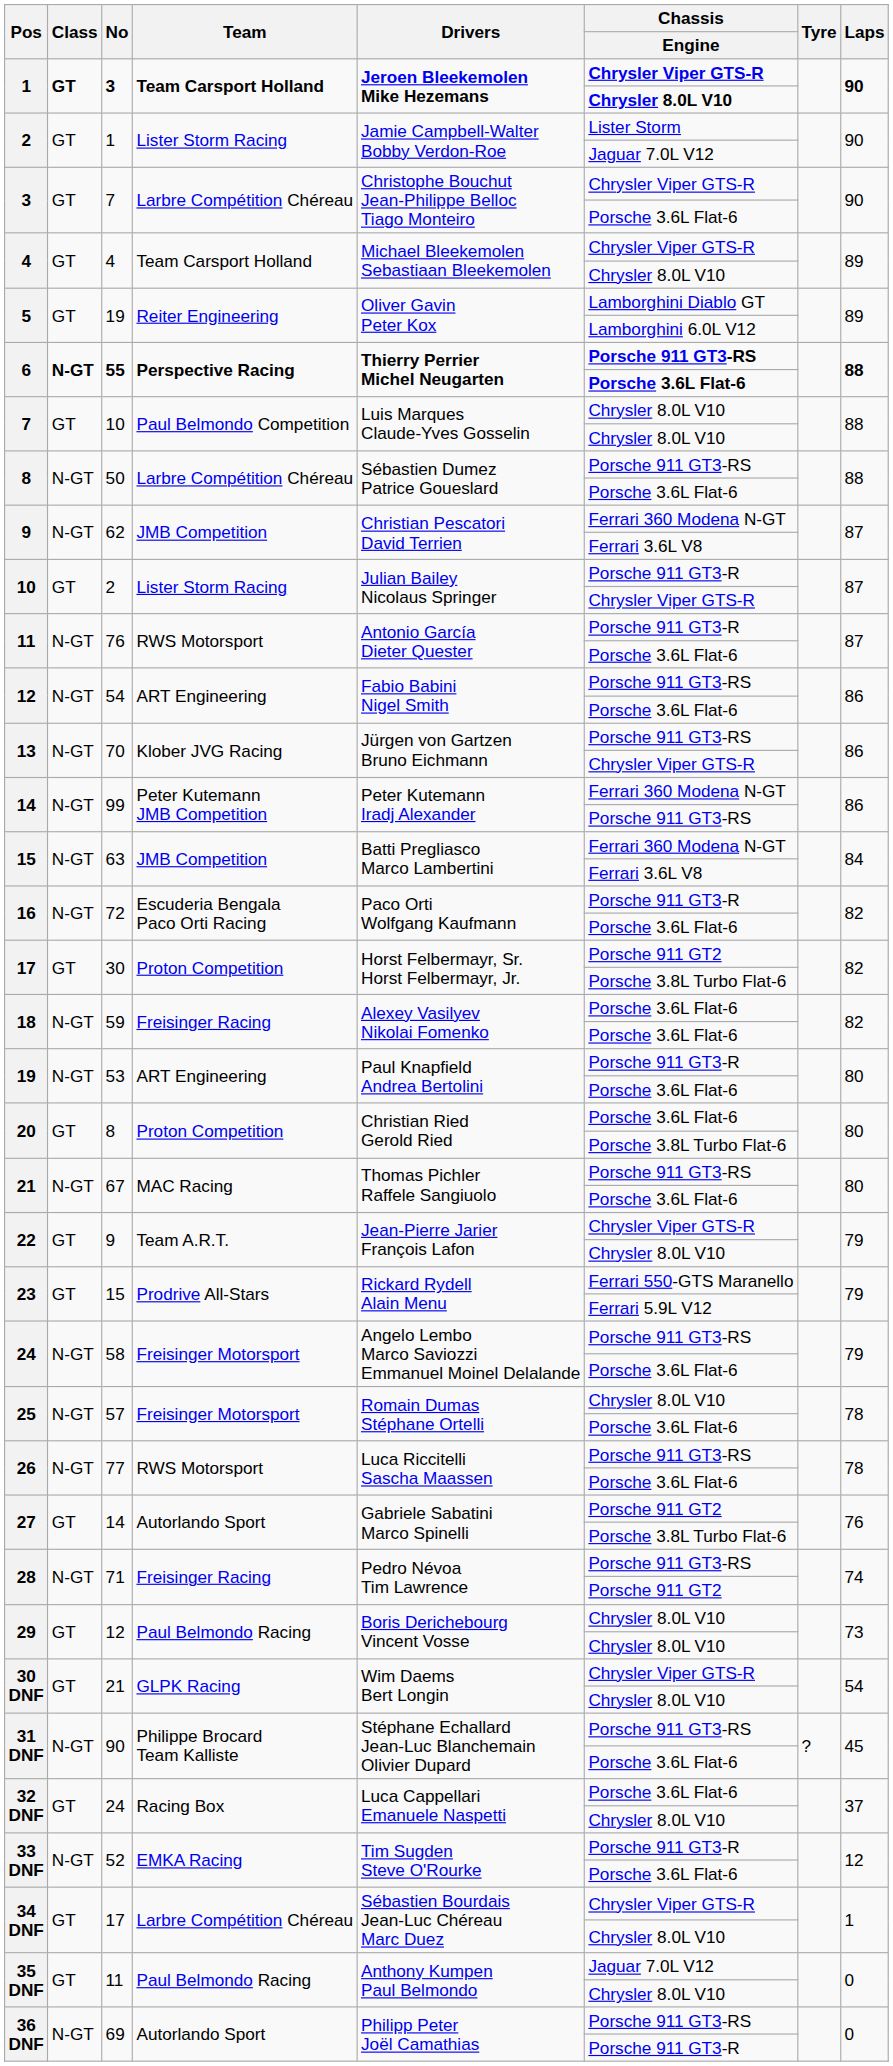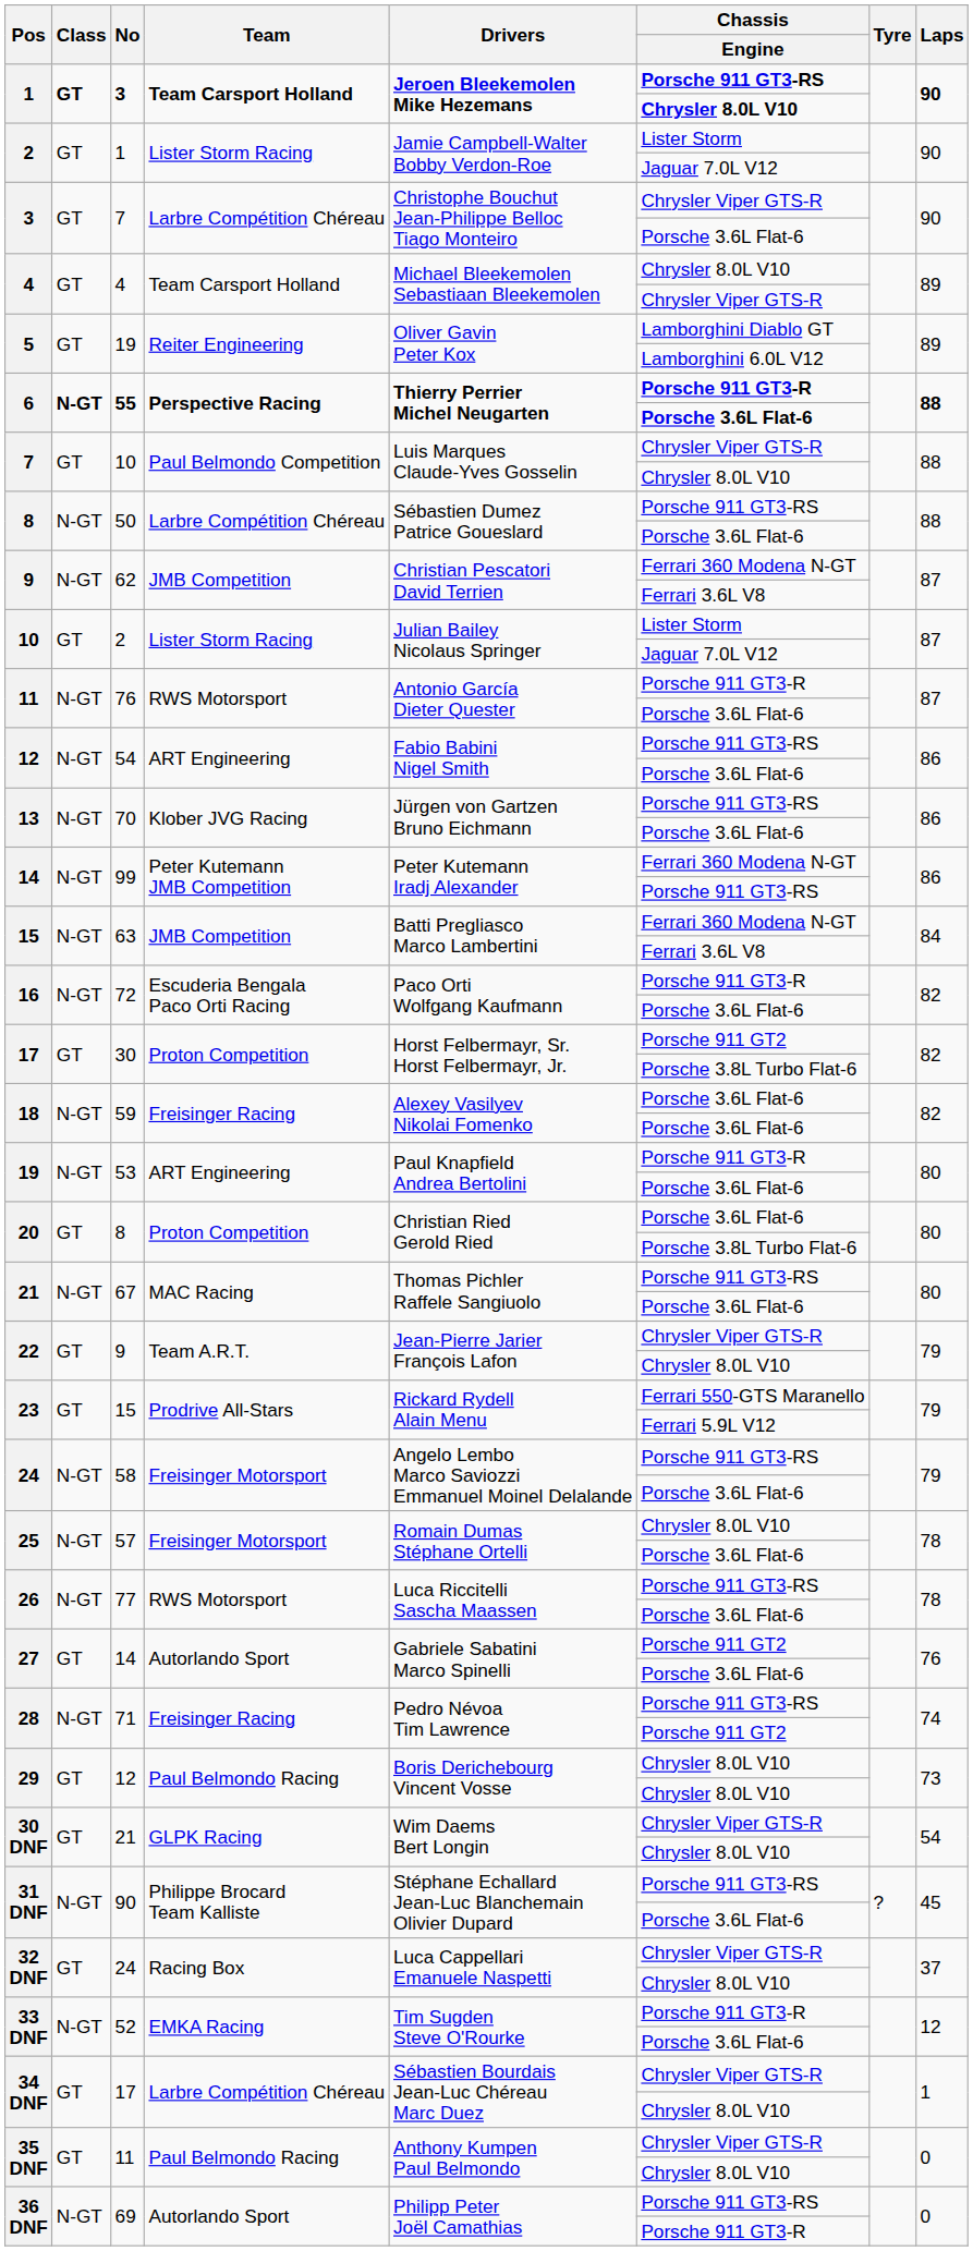 <table class="wikitable" style="font-size: 95%;">
 <tr>
 <th rowspan=2>Pos</th>
 <th rowspan=2>Class</th>
 <th rowspan=2>No</th>
 <th rowspan=2>Team</th>
 <th rowspan=2>Drivers</th>
 <th>Chassis</th>
 <th rowspan=2>Tyre</th>
 <th rowspan=2>Laps</th>
 </tr>
 <tr>
 <th>Engine</th>
 </tr>
 <tr style="font-weight:bold">
 <th rowspan=2>1</th>
 <td rowspan=2>GT</td>
 <td rowspan=2>3</td>
 <td rowspan=2> Team Carsport Holland</td>
 <td rowspan=2> <a href='#'>Jeroen Bleekemolen</a><br> Mike Hezemans</td>
-<td><a href='#'>Chrysler Viper GTS-R</a></td>
+<td><a href='#'>Porsche 911 GT3</a>-RS</td>
 <td rowspan=2></td>
 <td rowspan=2>90</td>
 </tr>
 <tr style="font-weight:bold">
 <td><a href='#'>Chrysler</a> 8.0L V10</td>
 </tr>
 <tr>
 <th rowspan=2>2</th>
 <td rowspan=2>GT</td>
 <td rowspan=2>1</td>
 <td rowspan=2> <a href='#'>Lister Storm Racing</a></td>
 <td rowspan=2> <a href='#'>Jamie Campbell-Walter</a><br> <a href='#'>Bobby Verdon-Roe</a></td>
 <td><a href='#'>Lister Storm</a></td>
 <td rowspan=2></td>
 <td rowspan=2>90</td>
 </tr>
 <tr>
 <td><a href='#'>Jaguar</a> 7.0L V12</td>
 </tr>
 <tr>
 <th rowspan=2>3</th>
 <td rowspan=2>GT</td>
 <td rowspan=2>7</td>
 <td rowspan=2> <a href='#'>Larbre Compétition</a> Chéreau</td>
 <td rowspan=2> <a href='#'>Christophe Bouchut</a><br> <a href='#'>Jean-Philippe Belloc</a><br> <a href='#'>Tiago Monteiro</a></td>
 <td><a href='#'>Chrysler Viper GTS-R</a></td>
 <td rowspan=2></td>
 <td rowspan=2>90</td>
 </tr>
 <tr>
 <td><a href='#'>Porsche</a> 3.6L Flat-6</td>
 </tr>
 <tr>
 <th rowspan=2>4</th>
 <td rowspan=2>GT</td>
 <td rowspan=2>4</td>
 <td rowspan=2> Team Carsport Holland</td>
 <td rowspan=2> <a href='#'>Michael Bleekemolen</a><br> <a href='#'>Sebastiaan Bleekemolen</a></td>
-<td><a href='#'>Chrysler Viper GTS-R</a></td>
+<td><a href='#'>Chrysler</a> 8.0L V10</td>
 <td rowspan=2></td>
 <td rowspan=2>89</td>
 </tr>
 <tr>
-<td><a href='#'>Chrysler</a> 8.0L V10</td>
+<td><a href='#'>Chrysler Viper GTS-R</a></td>
 </tr>
 <tr>
 <th rowspan=2>5</th>
 <td rowspan=2>GT</td>
 <td rowspan=2>19</td>
 <td rowspan=2> <a href='#'>Reiter Engineering</a></td>
 <td rowspan=2> <a href='#'>Oliver Gavin</a><br> <a href='#'>Peter Kox</a></td>
 <td><a href='#'>Lamborghini Diablo</a> GT</td>
 <td rowspan=2></td>
 <td rowspan=2>89</td>
 </tr>
 <tr>
 <td><a href='#'>Lamborghini</a> 6.0L V12</td>
 </tr>
 <tr style="font-weight:bold">
 <th rowspan=2>6</th>
 <td rowspan=2>N-GT</td>
 <td rowspan=2>55</td>
 <td rowspan=2> Perspective Racing</td>
 <td rowspan=2> Thierry Perrier<br> Michel Neugarten</td>
-<td><a href='#'>Porsche 911 GT3</a>-RS</td>
+<td><a href='#'>Porsche 911 GT3</a>-R</td>
 <td rowspan=2></td>
 <td rowspan=2>88</td>
 </tr>
 <tr style="font-weight:bold">
 <td><a href='#'>Porsche</a> 3.6L Flat-6</td>
 </tr>
 <tr>
 <th rowspan=2>7</th>
 <td rowspan=2>GT</td>
 <td rowspan=2>10</td>
 <td rowspan=2> <a href='#'>Paul Belmondo</a> Competition</td>
 <td rowspan=2> Luis Marques<br> Claude-Yves Gosselin</td>
-<td><a href='#'>Chrysler</a> 8.0L V10</td>
+<td><a href='#'>Chrysler Viper GTS-R</a></td>
 <td rowspan=2></td>
 <td rowspan=2>88</td>
 </tr>
 <tr>
 <td><a href='#'>Chrysler</a> 8.0L V10</td>
 </tr>
 <tr>
 <th rowspan=2>8</th>
 <td rowspan=2>N-GT</td>
 <td rowspan=2>50</td>
 <td rowspan=2> <a href='#'>Larbre Compétition</a> Chéreau</td>
 <td rowspan=2> Sébastien Dumez<br> Patrice Goueslard</td>
 <td><a href='#'>Porsche 911 GT3</a>-RS</td>
 <td rowspan=2></td>
 <td rowspan=2>88</td>
 </tr>
 <tr>
 <td><a href='#'>Porsche</a> 3.6L Flat-6</td>
 </tr>
 <tr>
 <th rowspan=2>9</th>
 <td rowspan=2>N-GT</td>
 <td rowspan=2>62</td>
 <td rowspan=2> <a href='#'>JMB Competition</a></td>
 <td rowspan=2> <a href='#'>Christian Pescatori</a><br> <a href='#'>David Terrien</a></td>
 <td><a href='#'>Ferrari 360 Modena</a> N-GT</td>
 <td rowspan=2></td>
 <td rowspan=2>87</td>
 </tr>
 <tr>
 <td><a href='#'>Ferrari</a> 3.6L V8</td>
 </tr>
 <tr>
 <th rowspan=2>10</th>
 <td rowspan=2>GT</td>
 <td rowspan=2>2</td>
 <td rowspan=2> <a href='#'>Lister Storm Racing</a></td>
 <td rowspan=2> <a href='#'>Julian Bailey</a><br> Nicolaus Springer</td>
-<td><a href='#'>Porsche 911 GT3</a>-R</td>
+<td><a href='#'>Lister Storm</a></td>
 <td rowspan=2></td>
 <td rowspan=2>87</td>
 </tr>
 <tr>
-<td><a href='#'>Chrysler Viper GTS-R</a></td>
+<td><a href='#'>Jaguar</a> 7.0L V12</td>
 </tr>
 <tr>
 <th rowspan=2>11</th>
 <td rowspan=2>N-GT</td>
 <td rowspan=2>76</td>
 <td rowspan=2> RWS Motorsport</td>
 <td rowspan=2> <a href='#'>Antonio García</a><br> <a href='#'>Dieter Quester</a></td>
 <td><a href='#'>Porsche 911 GT3</a>-R</td>
 <td rowspan=2></td>
 <td rowspan=2>87</td>
 </tr>
 <tr>
 <td><a href='#'>Porsche</a> 3.6L Flat-6</td>
 </tr>
 <tr>
 <th rowspan=2>12</th>
 <td rowspan=2>N-GT</td>
 <td rowspan=2>54</td>
 <td rowspan=2> ART Engineering</td>
 <td rowspan=2> <a href='#'>Fabio Babini</a><br> <a href='#'>Nigel Smith</a></td>
 <td><a href='#'>Porsche 911 GT3</a>-RS</td>
 <td rowspan=2></td>
 <td rowspan=2>86</td>
 </tr>
 <tr>
 <td><a href='#'>Porsche</a> 3.6L Flat-6</td>
 </tr>
 <tr>
 <th rowspan=2>13</th>
 <td rowspan=2>N-GT</td>
 <td rowspan=2>70</td>
 <td rowspan=2> Klober JVG Racing</td>
 <td rowspan=2> Jürgen von Gartzen<br> Bruno Eichmann</td>
 <td><a href='#'>Porsche 911 GT3</a>-RS</td>
 <td rowspan=2></td>
 <td rowspan=2>86</td>
 </tr>
 <tr>
-<td><a href='#'>Chrysler Viper GTS-R</a></td>
+<td><a href='#'>Porsche</a> 3.6L Flat-6</td>
 </tr>
 <tr>
 <th rowspan=2>14</th>
 <td rowspan=2>N-GT</td>
 <td rowspan=2>99</td>
 <td rowspan=2> Peter Kutemann<br> <a href='#'>JMB Competition</a></td>
 <td rowspan=2> Peter Kutemann<br> <a href='#'>Iradj Alexander</a></td>
 <td><a href='#'>Ferrari 360 Modena</a> N-GT</td>
 <td rowspan=2></td>
 <td rowspan=2>86</td>
 </tr>
 <tr>
 <td><a href='#'>Porsche 911 GT3</a>-RS</td>
 </tr>
 <tr>
 <th rowspan=2>15</th>
 <td rowspan=2>N-GT</td>
 <td rowspan=2>63</td>
 <td rowspan=2> <a href='#'>JMB Competition</a></td>
 <td rowspan=2> Batti Pregliasco<br> Marco Lambertini</td>
 <td><a href='#'>Ferrari 360 Modena</a> N-GT</td>
 <td rowspan=2></td>
 <td rowspan=2>84</td>
 </tr>
 <tr>
 <td><a href='#'>Ferrari</a> 3.6L V8</td>
 </tr>
 <tr>
 <th rowspan=2>16</th>
 <td rowspan=2>N-GT</td>
 <td rowspan=2>72</td>
 <td rowspan=2> Escuderia Bengala<br> Paco Orti Racing</td>
 <td rowspan=2> Paco Orti<br> Wolfgang Kaufmann</td>
 <td><a href='#'>Porsche 911 GT3</a>-R</td>
 <td rowspan=2></td>
 <td rowspan=2>82</td>
 </tr>
 <tr>
 <td><a href='#'>Porsche</a> 3.6L Flat-6</td>
 </tr>
 <tr>
 <th rowspan=2>17</th>
 <td rowspan=2>GT</td>
 <td rowspan=2>30</td>
 <td rowspan=2> <a href='#'>Proton Competition</a></td>
 <td rowspan=2> Horst Felbermayr, Sr.<br> Horst Felbermayr, Jr.</td>
 <td><a href='#'>Porsche 911 GT2</a></td>
 <td rowspan=2></td>
 <td rowspan=2>82</td>
 </tr>
 <tr>
 <td><a href='#'>Porsche</a> 3.8L Turbo Flat-6</td>
 </tr>
 <tr>
 <th rowspan=2>18</th>
 <td rowspan=2>N-GT</td>
 <td rowspan=2>59</td>
 <td rowspan=2> <a href='#'>Freisinger Racing</a></td>
 <td rowspan=2> <a href='#'>Alexey Vasilyev</a><br> <a href='#'>Nikolai Fomenko</a></td>
 <td><a href='#'>Porsche</a> 3.6L Flat-6</td>
 <td rowspan=2></td>
 <td rowspan=2>82</td>
 </tr>
 <tr>
 <td><a href='#'>Porsche</a> 3.6L Flat-6</td>
 </tr>
 <tr>
 <th rowspan=2>19</th>
 <td rowspan=2>N-GT</td>
 <td rowspan=2>53</td>
 <td rowspan=2> ART Engineering</td>
 <td rowspan=2> Paul Knapfield<br> <a href='#'>Andrea Bertolini</a></td>
 <td><a href='#'>Porsche 911 GT3</a>-R</td>
 <td rowspan=2></td>
 <td rowspan=2>80</td>
 </tr>
 <tr>
 <td><a href='#'>Porsche</a> 3.6L Flat-6</td>
 </tr>
 <tr>
 <th rowspan=2>20</th>
 <td rowspan=2>GT</td>
 <td rowspan=2>8</td>
 <td rowspan=2> <a href='#'>Proton Competition</a></td>
 <td rowspan=2> Christian Ried<br> Gerold Ried</td>
 <td><a href='#'>Porsche</a> 3.6L Flat-6</td>
 <td rowspan=2></td>
 <td rowspan=2>80</td>
 </tr>
 <tr>
 <td><a href='#'>Porsche</a> 3.8L Turbo Flat-6</td>
 </tr>
 <tr>
 <th rowspan=2>21</th>
 <td rowspan=2>N-GT</td>
 <td rowspan=2>67</td>
 <td rowspan=2> MAC Racing</td>
 <td rowspan=2> Thomas Pichler<br> Raffele Sangiuolo</td>
 <td><a href='#'>Porsche 911 GT3</a>-RS</td>
 <td rowspan=2></td>
 <td rowspan=2>80</td>
 </tr>
 <tr>
 <td><a href='#'>Porsche</a> 3.6L Flat-6</td>
 </tr>
 <tr>
 <th rowspan=2>22</th>
 <td rowspan=2>GT</td>
 <td rowspan=2>9</td>
 <td rowspan=2> Team A.R.T.</td>
 <td rowspan=2> <a href='#'>Jean-Pierre Jarier</a><br> François Lafon</td>
 <td><a href='#'>Chrysler Viper GTS-R</a></td>
 <td rowspan=2></td>
 <td rowspan=2>79</td>
 </tr>
 <tr>
 <td><a href='#'>Chrysler</a> 8.0L V10</td>
 </tr>
 <tr>
 <th rowspan=2>23</th>
 <td rowspan=2>GT</td>
 <td rowspan=2>15</td>
 <td rowspan=2> <a href='#'>Prodrive</a> All-Stars</td>
 <td rowspan=2> <a href='#'>Rickard Rydell</a><br> <a href='#'>Alain Menu</a></td>
 <td><a href='#'>Ferrari 550</a>-GTS Maranello</td>
 <td rowspan=2></td>
 <td rowspan=2>79</td>
 </tr>
 <tr>
 <td><a href='#'>Ferrari</a> 5.9L V12</td>
 </tr>
 <tr>
 <th rowspan=2>24</th>
 <td rowspan=2>N-GT</td>
 <td rowspan=2>58</td>
 <td rowspan=2> <a href='#'>Freisinger Motorsport</a></td>
 <td rowspan=2> Angelo Lembo<br> Marco Saviozzi<br> Emmanuel Moinel Delalande</td>
 <td><a href='#'>Porsche 911 GT3</a>-RS</td>
 <td rowspan=2></td>
 <td rowspan=2>79</td>
 </tr>
 <tr>
 <td><a href='#'>Porsche</a> 3.6L Flat-6</td>
 </tr>
 <tr>
 <th rowspan=2>25</th>
 <td rowspan=2>N-GT</td>
 <td rowspan=2>57</td>
 <td rowspan=2> <a href='#'>Freisinger Motorsport</a></td>
 <td rowspan=2> <a href='#'>Romain Dumas</a><br> <a href='#'>Stéphane Ortelli</a></td>
 <td><a href='#'>Chrysler</a> 8.0L V10</td>
 <td rowspan=2></td>
 <td rowspan=2>78</td>
 </tr>
 <tr>
 <td><a href='#'>Porsche</a> 3.6L Flat-6</td>
 </tr>
 <tr>
 <th rowspan=2>26</th>
 <td rowspan=2>N-GT</td>
 <td rowspan=2>77</td>
 <td rowspan=2> RWS Motorsport</td>
 <td rowspan=2> Luca Riccitelli<br> <a href='#'>Sascha Maassen</a></td>
 <td><a href='#'>Porsche 911 GT3</a>-RS</td>
 <td rowspan=2></td>
 <td rowspan=2>78</td>
 </tr>
 <tr>
 <td><a href='#'>Porsche</a> 3.6L Flat-6</td>
 </tr>
 <tr>
 <th rowspan=2>27</th>
 <td rowspan=2>GT</td>
 <td rowspan=2>14</td>
 <td rowspan=2> Autorlando Sport</td>
 <td rowspan=2> Gabriele Sabatini<br> Marco Spinelli</td>
 <td><a href='#'>Porsche 911 GT2</a></td>
 <td rowspan=2></td>
 <td rowspan=2>76</td>
 </tr>
 <tr>
-<td><a href='#'>Porsche</a> 3.8L Turbo Flat-6</td>
+<td><a href='#'>Porsche</a> 3.6L Flat-6</td>
 </tr>
 <tr>
 <th rowspan=2>28</th>
 <td rowspan=2>N-GT</td>
 <td rowspan=2>71</td>
 <td rowspan=2> <a href='#'>Freisinger Racing</a></td>
 <td rowspan=2> Pedro Névoa<br> Tim Lawrence</td>
 <td><a href='#'>Porsche 911 GT3</a>-RS</td>
 <td rowspan=2></td>
 <td rowspan=2>74</td>
 </tr>
 <tr>
 <td><a href='#'>Porsche 911 GT2</a></td>
 </tr>
 <tr>
 <th rowspan=2>29</th>
 <td rowspan=2>GT</td>
 <td rowspan=2>12</td>
 <td rowspan=2> <a href='#'>Paul Belmondo</a> Racing</td>
 <td rowspan=2> <a href='#'>Boris Derichebourg</a><br> Vincent Vosse</td>
 <td><a href='#'>Chrysler</a> 8.0L V10</td>
 <td rowspan=2></td>
 <td rowspan=2>73</td>
 </tr>
 <tr>
 <td><a href='#'>Chrysler</a> 8.0L V10</td>
 </tr>
 <tr>
 <th rowspan=2>30<br>DNF</th>
 <td rowspan=2>GT</td>
 <td rowspan=2>21</td>
 <td rowspan=2> <a href='#'>GLPK Racing</a></td>
 <td rowspan=2> Wim Daems<br> Bert Longin</td>
 <td><a href='#'>Chrysler Viper GTS-R</a></td>
 <td rowspan=2></td>
 <td rowspan=2>54</td>
 </tr>
 <tr>
 <td><a href='#'>Chrysler</a> 8.0L V10</td>
 </tr>
 <tr>
 <th rowspan=2>31<br>DNF</th>
 <td rowspan=2>N-GT</td>
 <td rowspan=2>90</td>
 <td rowspan=2> Philippe Brocard<br> Team Kalliste</td>
 <td rowspan=2> Stéphane Echallard<br> Jean-Luc Blanchemain<br> Olivier Dupard</td>
 <td><a href='#'>Porsche 911 GT3</a>-RS</td>
 <td rowspan=2>?</td>
 <td rowspan=2>45</td>
 </tr>
 <tr>
 <td><a href='#'>Porsche</a> 3.6L Flat-6</td>
 </tr>
 <tr>
 <th rowspan=2>32<br>DNF</th>
 <td rowspan=2>GT</td>
 <td rowspan=2>24</td>
 <td rowspan=2> Racing Box</td>
 <td rowspan=2> Luca Cappellari<br> <a href='#'>Emanuele Naspetti</a></td>
-<td><a href='#'>Porsche</a> 3.6L Flat-6</td>
+<td><a href='#'>Chrysler Viper GTS-R</a></td>
 <td rowspan=2></td>
 <td rowspan=2>37</td>
 </tr>
 <tr>
 <td><a href='#'>Chrysler</a> 8.0L V10</td>
 </tr>
 <tr>
 <th rowspan=2>33<br>DNF</th>
 <td rowspan=2>N-GT</td>
 <td rowspan=2>52</td>
 <td rowspan=2> <a href='#'>EMKA Racing</a></td>
 <td rowspan=2> <a href='#'>Tim Sugden</a><br> <a href='#'>Steve O'Rourke</a></td>
 <td><a href='#'>Porsche 911 GT3</a>-R</td>
 <td rowspan=2></td>
 <td rowspan=2>12</td>
 </tr>
 <tr>
 <td><a href='#'>Porsche</a> 3.6L Flat-6</td>
 </tr>
 <tr>
 <th rowspan=2>34<br>DNF</th>
 <td rowspan=2>GT</td>
 <td rowspan=2>17</td>
 <td rowspan=2> <a href='#'>Larbre Compétition</a> Chéreau</td>
 <td rowspan=2> <a href='#'>Sébastien Bourdais</a><br> Jean-Luc Chéreau<br> <a href='#'>Marc Duez</a></td>
 <td><a href='#'>Chrysler Viper GTS-R</a></td>
 <td rowspan=2></td>
 <td rowspan=2>1</td>
 </tr>
 <tr>
 <td><a href='#'>Chrysler</a> 8.0L V10</td>
 </tr>
 <tr>
 <th rowspan=2>35<br>DNF</th>
 <td rowspan=2>GT</td>
 <td rowspan=2>11</td>
 <td rowspan=2> <a href='#'>Paul Belmondo</a> Racing</td>
 <td rowspan=2> <a href='#'>Anthony Kumpen</a><br> <a href='#'>Paul Belmondo</a></td>
-<td><a href='#'>Jaguar</a> 7.0L V12</td>
+<td><a href='#'>Chrysler Viper GTS-R</a></td>
 <td rowspan=2></td>
 <td rowspan=2>0</td>
 </tr>
 <tr>
 <td><a href='#'>Chrysler</a> 8.0L V10</td>
 </tr>
 <tr>
 <th rowspan=2>36<br>DNF</th>
 <td rowspan=2>N-GT</td>
 <td rowspan=2>69</td>
 <td rowspan=2> Autorlando Sport</td>
 <td rowspan=2> <a href='#'>Philipp Peter</a><br> <a href='#'>Joël Camathias</a></td>
 <td><a href='#'>Porsche 911 GT3</a>-RS</td>
 <td rowspan=2></td>
 <td rowspan=2>0</td>
 </tr>
 <tr>
 <td><a href='#'>Porsche 911 GT3</a>-R</td>
 </tr>
 </table>
